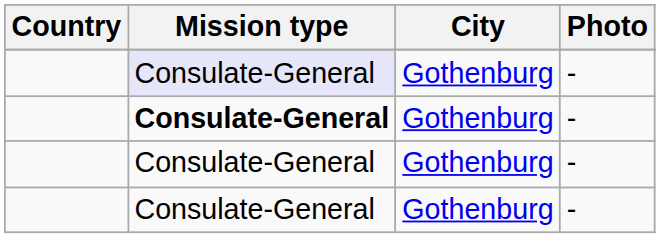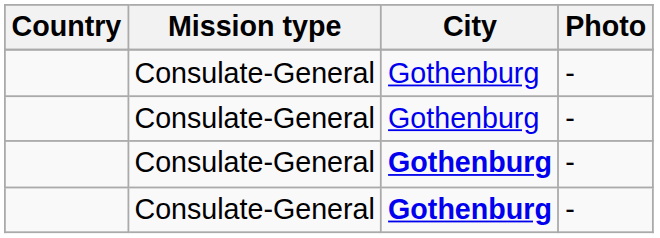 <table class="wikitable sortable">
 <tr valign="middle">
 <th>Country</th>
 <th>Mission type</th>
 <th>City</th>
 <th>Photo</th>
 </tr>
 <tr style="font-weight:bold; background-color: #DDDDDD">
 </tr>
 <tr>
 <td></td>
-<td style="background: lavender;">Consulate-General</td>
-<td><a href='#'>Gothenburg</a></td>
-<td>-</td>
-</tr>
-<tr>
-<td></td>
-<td><strong>Consulate-General</strong></td>
-<td><a href='#'>Gothenburg</a></td>
-<td> -</td>
-</tr>
-<tr>
-<td></td>
 <td>Consulate-General</td>
 <td><a href='#'>Gothenburg</a></td>
 <td>-</td>
 </tr>
 <tr>
 <td></td>
 <td>Consulate-General</td>
 <td><a href='#'>Gothenburg</a></td>
+<td> -</td>
+</tr>
+<tr>
+<td></td>
+<td>Consulate-General</td>
+<td><strong><a href='#'>Gothenburg</a></strong></td>
+<td>-</td>
+</tr>
+<tr>
+<td></td>
+<td>Consulate-General</td>
+<td><strong><a href='#'>Gothenburg</a></strong></td>
 <td>-</td>
 </tr>
 </table>
